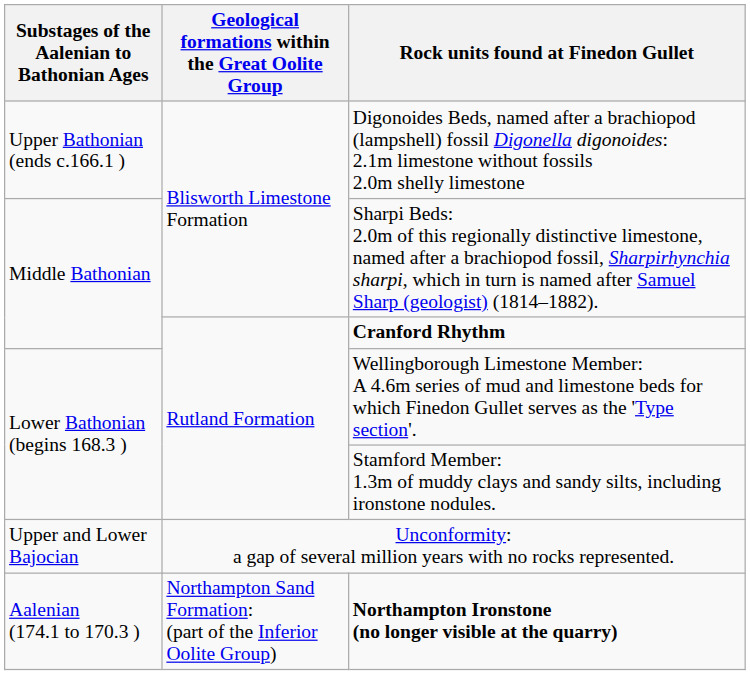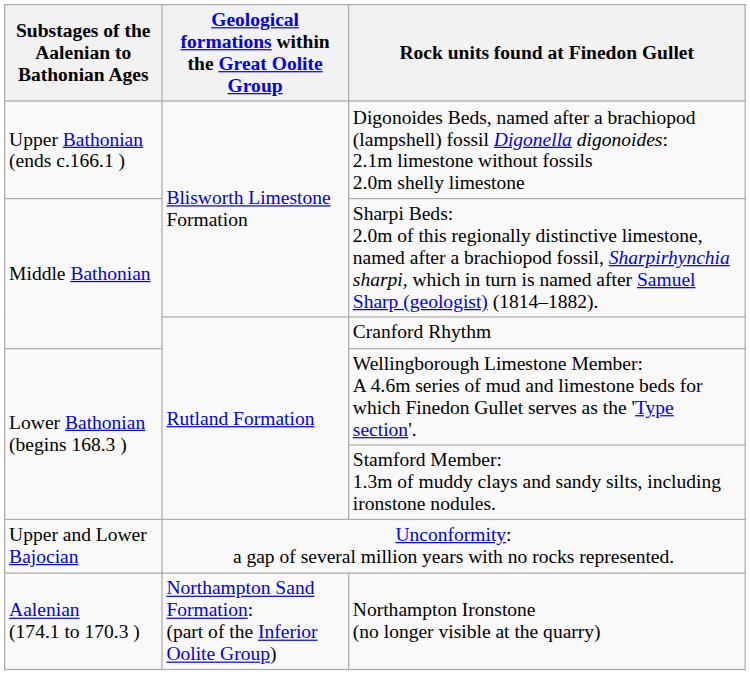 <table class="wikitable">
 <tr>
 <th>Substages of the Aalenian to Bathonian Ages</th>
 <th><a href='#'>Geological formations</a> within the <a href='#'>Great Oolite Group</a></th>
 <th>Rock units found at Finedon Gullet</th>
 </tr>
 <tr>
 <td>Upper <a href='#'>Bathonian</a><br> (ends c.166.1 )</td>
 <td rowspan="2"><a href='#'>Blisworth Limestone</a> Formation</td>
 <td>Digonoides Beds, named after a brachiopod (lampshell) fossil <em><a href='#'>Digonella</a> digonoides</em>:<br>2.1m limestone without fossils<br>2.0m shelly limestone</td>
 </tr>
 <tr>
 <td rowspan="2">Middle <a href='#'>Bathonian</a></td>
 <td>Sharpi Beds:<br>2.0m of this regionally distinctive limestone, named after a brachiopod fossil, <em><a href='#'>Sharpirhynchia</a> sharpi</em>, which in turn is named after <a href='#'>Samuel Sharp (geologist)</a> (1814–1882).</td>
 </tr>
 <tr>
 <td rowspan="3"><a href='#'>Rutland Formation</a></td>
-<td rowspan="1"><strong>Cranford Rhythm</strong></td>
+<td rowspan="1">Cranford Rhythm</td>
 </tr>
 <tr>
 <td rowspan="2">Lower <a href='#'>Bathonian</a><br>(begins 168.3 )</td>
 <td>Wellingborough Limestone Member:<br>A 4.6m series of mud and limestone beds for which Finedon Gullet serves as the '<a href='#'>Type section</a>'.</td>
 </tr>
 <tr>
 <td>Stamford Member:<br>1.3m of muddy clays and sandy silts, including ironstone nodules.</td>
 </tr>
 <tr>
 <td>Upper and Lower <a href='#'>Bajocian</a></td>
 <td rowspan="2" colspan="2" style="text-align: center;"><a href='#'>Unconformity</a>:<br>a gap of several million years with no rocks represented.</td>
 </tr>
 <tr>
 <td rowspan="2"><a href='#'>Aalenian</a><br>(174.1 to 170.3 )</td>
 </tr>
 <tr>
 <td><a href='#'>Northampton Sand Formation</a>:<br>(part of the <a href='#'>Inferior Oolite Group</a>)</td>
-<td><strong>Northampton Ironstone<br>(no longer visible at the quarry)</strong></td>
+<td>Northampton Ironstone<br>(no longer visible at the quarry)</td>
 </tr>
 </table>
